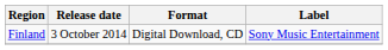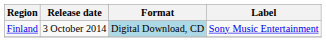 <table class="wikitable">
 <tr>
 <th>Region</th>
 <th>Release date</th>
 <th>Format</th>
 <th>Label</th>
 </tr>
 <tr>
 <td><a href='#'>Finland</a></td>
 <td>3 October 2014</td>
-<td>Digital Download, CD</td>
+<td style="background: lightblue;">Digital Download, CD</td>
 <td><a href='#'>Sony Music Entertainment</a></td>
 </tr>
 <tr>
 </tr>
 </table>
